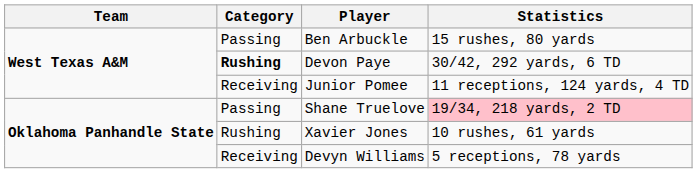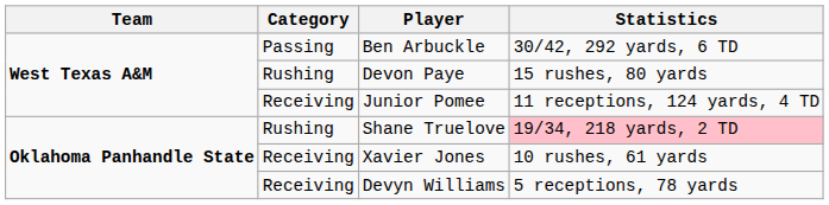 <table class="wikitable" style="float: left;">
 <tr>
 <th>Team</th>
 <th>Category</th>
 <th>Player</th>
 <th>Statistics</th>
 </tr>
 <tr>
 <td rowspan=3><strong>West Texas A&M</strong></td>
 <td>Passing</td>
 <td>Ben Arbuckle</td>
-<td>15 rushes, 80 yards</td>
+<td>30/42, 292 yards, 6 TD</td>
 </tr>
 <tr>
-<td><strong>Rushing</strong></td>
+<td>Rushing</td>
 <td>Devon Paye</td>
-<td>30/42, 292 yards, 6 TD</td>
+<td>15 rushes, 80 yards</td>
 </tr>
 <tr>
 <td>Receiving</td>
 <td>Junior Pomee</td>
 <td>11 receptions, 124 yards, 4 TD</td>
 </tr>
 <tr>
 <td rowspan=3><strong>Oklahoma Panhandle State</strong></td>
-<td>Passing</td>
+<td>Rushing</td>
 <td>Shane Truelove</td>
 <td style="background: pink;">19/34, 218 yards, 2 TD</td>
 </tr>
 <tr>
-<td>Rushing</td>
+<td>Receiving</td>
 <td>Xavier Jones</td>
 <td>10 rushes, 61 yards</td>
 </tr>
 <tr>
 <td>Receiving</td>
 <td>Devyn Williams</td>
 <td>5 receptions, 78 yards</td>
 </tr>
 </table>
